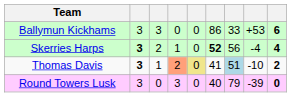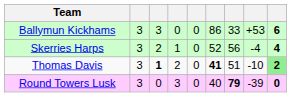 <table class="wikitable" style="text-align:center">
 <tr>
 <th style="width:175px;">Team</th>
 <th width="20"></th>
 <th width="20"></th>
 <th width="20"></th>
 <th width="20"></th>
 <th width="20"></th>
 <th width="20"></th>
 <th width="20"></th>
 <th width="20"></th>
 </tr>
 <tr style="background:#cfc;">
 <td><a href='#'>Ballymun Kickhams</a></td>
 <td>3</td>
 <td>3</td>
 <td>0</td>
 <td>0</td>
 <td>86</td>
 <td>33</td>
 <td>+53</td>
 <td><strong>6</strong></td>
 </tr>
 <tr style="background:#cfc;">
 <td><a href='#'>Skerries Harps</a></td>
-<td><strong>3</strong></td>
+<td>3</td>
 <td>2</td>
 <td>1</td>
 <td>0</td>
-<td><strong>52</strong></td>
+<td>52</td>
 <td>56</td>
 <td>-4</td>
 <td><strong>4</strong></td>
 </tr>
 <tr>
 <td><a href='#'>Thomas Davis</a></td>
-<td><strong>3</strong></td>
-<td>1</td>
-<td style="background: lightsalmon;">2</td>
-<td style="background: khaki;">0</td>
-<td>41</td>
-<td style="background: lightblue;">51</td>
+<td>3</td>
+<td><strong>1</strong></td>
+<td>2</td>
+<td>0</td>
+<td><strong>41</strong></td>
+<td>51</td>
 <td>-10</td>
-<td><strong>2</strong></td>
+<td style="background: lightgreen;"><strong>2</strong></td>
 </tr>
 <tr style="background:#fcf;">
 <td><a href='#'>Round Towers Lusk</a></td>
 <td>3</td>
 <td>0</td>
 <td>3</td>
 <td>0</td>
 <td>40</td>
-<td>79</td>
+<td><strong>79</strong></td>
 <td>-39</td>
 <td><strong>0</strong></td>
 </tr>
 </table>
